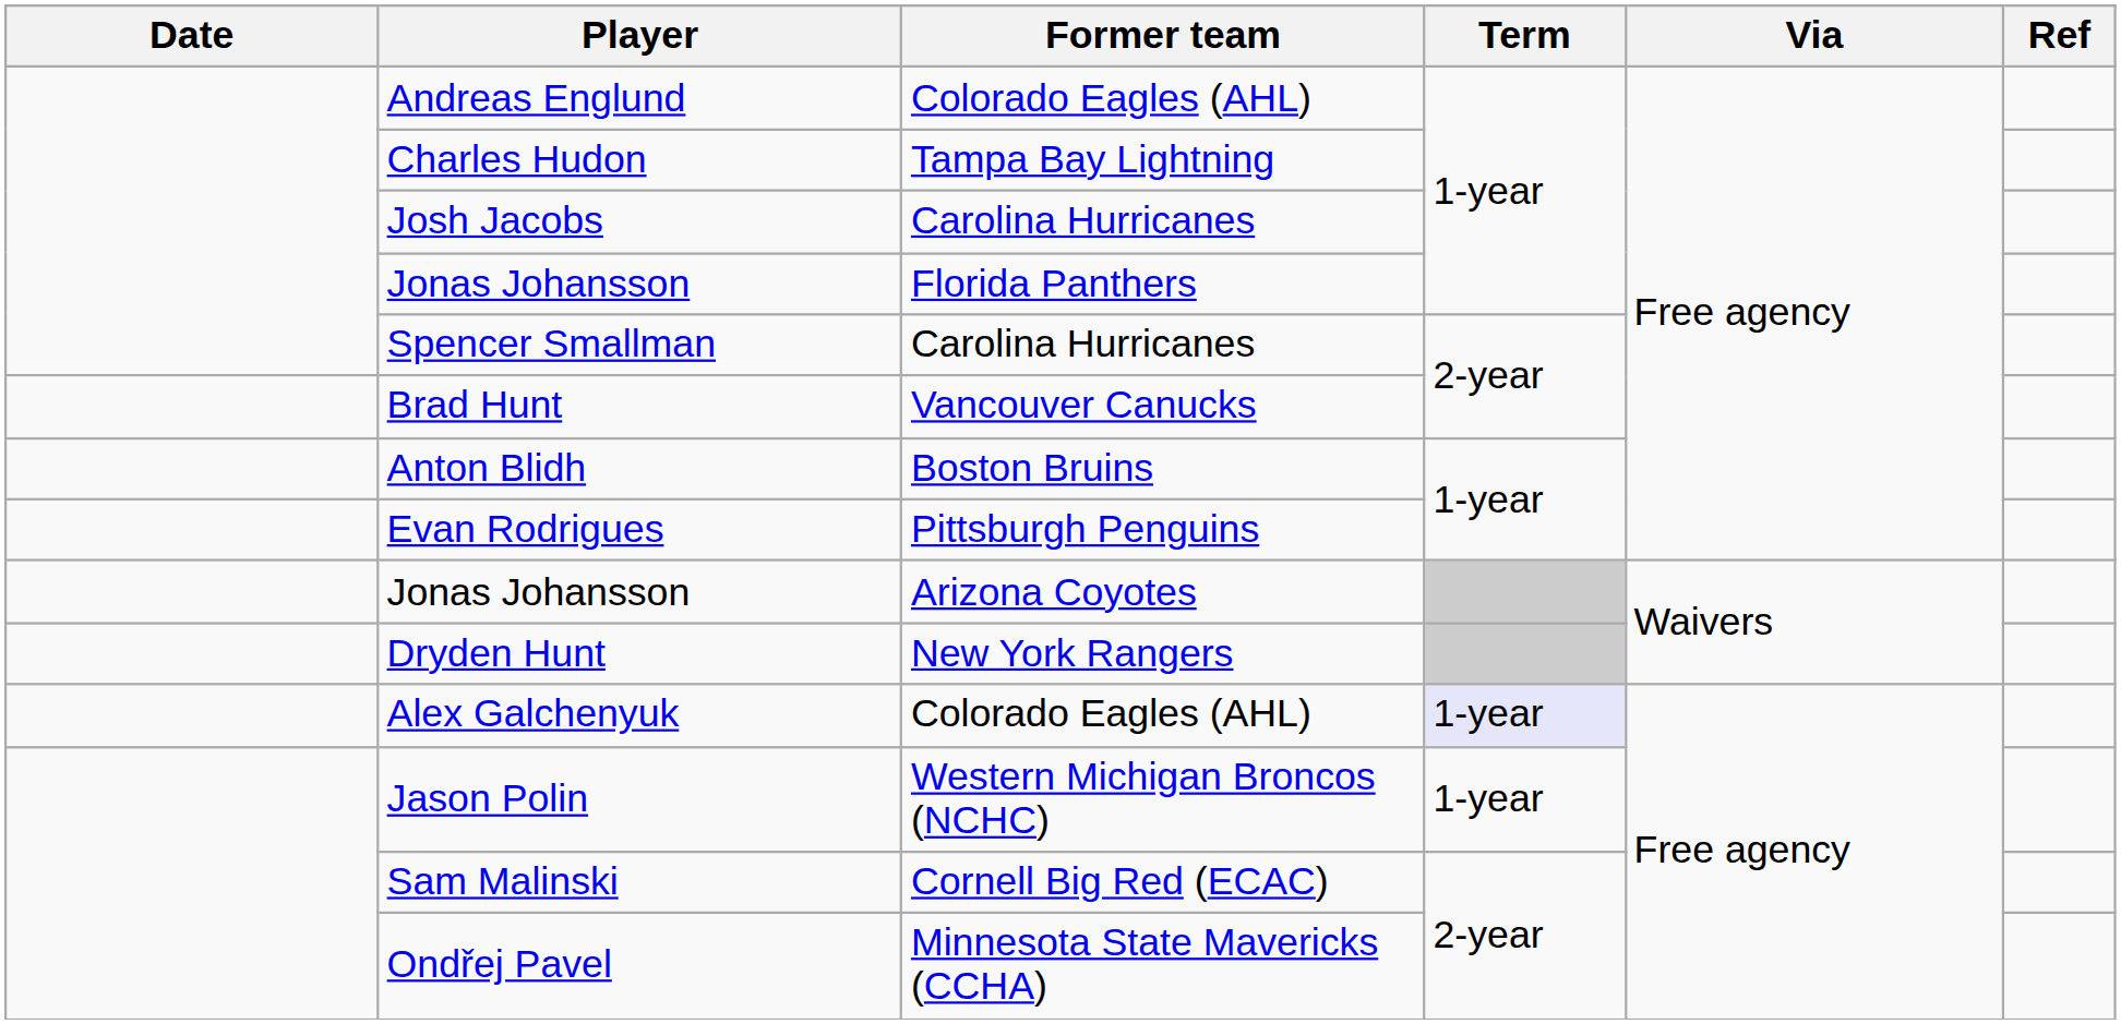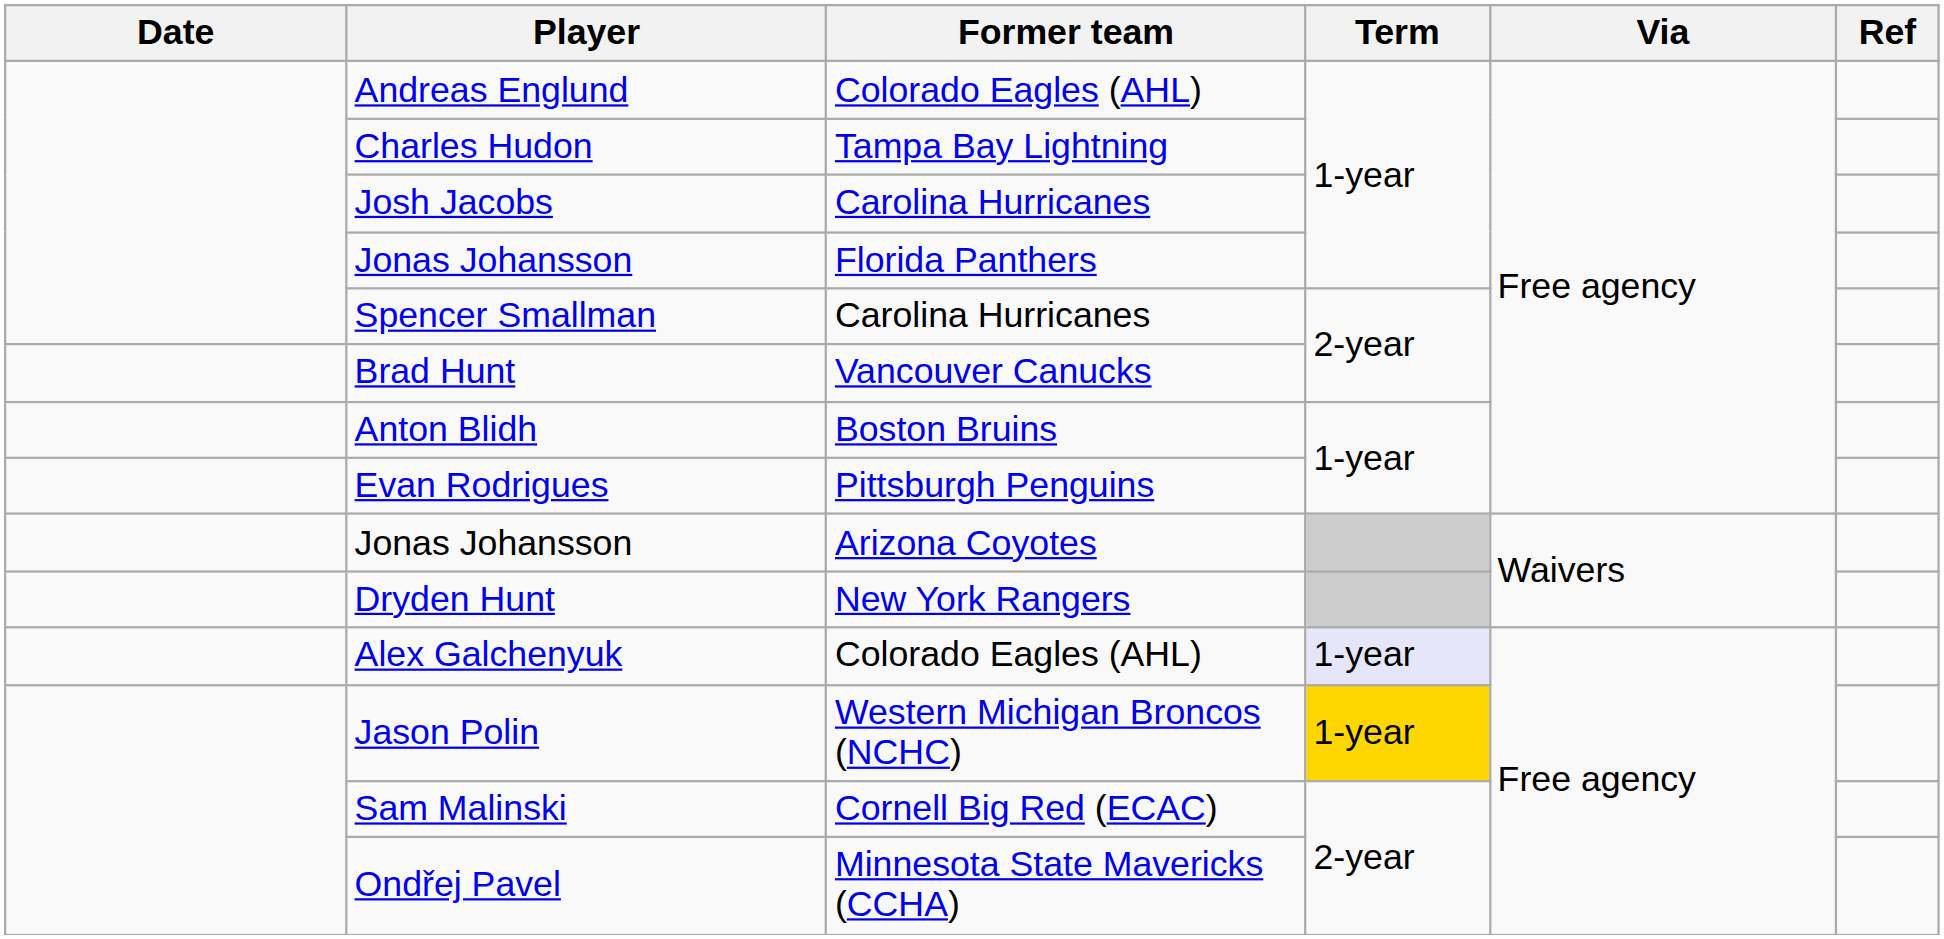 <table class="wikitable">
 <tr style="background:#ddd; text-align:center;">
 <th style="width: 10em;">Date</th>
 <th style="width: 14em;">Player</th>
 <th style="width: 14em;">Former team</th>
 <th style="width: 5em;">Term</th>
 <th style="width: 10em;">Via</th>
 <th style="width: 2.5em;">Ref</th>
 </tr>
 <tr>
 <td rowspan=5></td>
 <td><a href='#'>Andreas Englund</a></td>
 <td><a href='#'>Colorado Eagles</a> (<a href='#'>AHL</a>)</td>
 <td rowspan=4>1-year</td>
 <td rowspan=8>Free agency</td>
 <td></td>
 </tr>
 <tr>
 <td><a href='#'>Charles Hudon</a></td>
 <td><a href='#'>Tampa Bay Lightning</a></td>
 <td></td>
 </tr>
 <tr>
 <td><a href='#'>Josh Jacobs</a></td>
 <td><a href='#'>Carolina Hurricanes</a></td>
 <td></td>
 </tr>
 <tr>
 <td><a href='#'>Jonas Johansson</a></td>
 <td><a href='#'>Florida Panthers</a></td>
 <td></td>
 </tr>
 <tr>
 <td><a href='#'>Spencer Smallman</a></td>
 <td>Carolina Hurricanes</td>
 <td rowspan=2>2-year</td>
 <td></td>
 </tr>
 <tr>
 <td></td>
 <td><a href='#'>Brad Hunt</a></td>
 <td><a href='#'>Vancouver Canucks</a></td>
 <td></td>
 </tr>
 <tr>
 <td></td>
 <td><a href='#'>Anton Blidh</a></td>
 <td><a href='#'>Boston Bruins</a></td>
 <td rowspan=2>1-year</td>
 <td></td>
 </tr>
 <tr>
 <td></td>
 <td><a href='#'>Evan Rodrigues</a></td>
 <td><a href='#'>Pittsburgh Penguins</a></td>
 <td></td>
 </tr>
 <tr>
 <td></td>
 <td>Jonas Johansson</td>
 <td><a href='#'>Arizona Coyotes</a></td>
 <td style="background:#ccc;"></td>
 <td rowspan=2>Waivers</td>
 <td></td>
 </tr>
 <tr>
 <td></td>
 <td><a href='#'>Dryden Hunt</a></td>
 <td><a href='#'>New York Rangers</a></td>
 <td style="background:#ccc;"></td>
 <td></td>
 </tr>
 <tr>
 <td></td>
 <td><a href='#'>Alex Galchenyuk</a></td>
 <td>Colorado Eagles (AHL)</td>
 <td style="background: lavender;">1-year</td>
 <td rowspan=4>Free agency</td>
 <td></td>
 </tr>
 <tr>
 <td rowspan=3></td>
 <td><a href='#'>Jason Polin</a></td>
 <td><a href='#'>Western Michigan Broncos</a> (<a href='#'>NCHC</a>)</td>
-<td>1-year</td>
+<td style="background: gold;">1-year</td>
 <td></td>
 </tr>
 <tr>
 <td><a href='#'>Sam Malinski</a></td>
 <td><a href='#'>Cornell Big Red</a> (<a href='#'>ECAC</a>)</td>
 <td rowspan=2>2-year</td>
 <td></td>
 </tr>
 <tr>
 <td><a href='#'>Ondřej Pavel</a></td>
 <td><a href='#'>Minnesota State Mavericks</a> (<a href='#'>CCHA</a>)</td>
 <td></td>
 </tr>
 </table>
